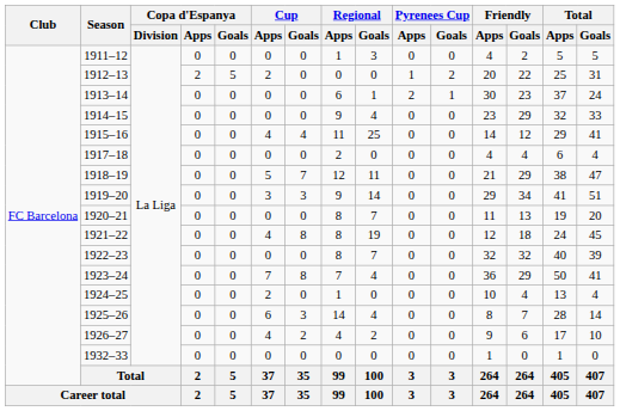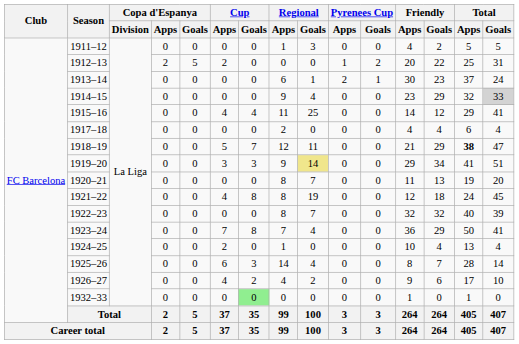 <table class="wikitable" style="text-align:center">
 <tr>
 <th rowspan="2">Club</th>
 <th rowspan="2">Season</th>
 <th colspan="3">Copa d'Espanya</th>
 <th colspan="2"><a href='#'>Cup</a></th>
 <th colspan="2"><a href='#'>Regional</a></th>
 <th colspan="2"><a href='#'>Pyrenees Cup</a></th>
 <th colspan="2">Friendly</th>
 <th colspan="2">Total</th>
 </tr>
 <tr>
 <th>Division</th>
 <th>Apps</th>
 <th>Goals</th>
 <th>Apps</th>
 <th>Goals</th>
 <th>Apps</th>
 <th>Goals</th>
 <th>Apps</th>
 <th>Goals</th>
 <th>Apps</th>
 <th>Goals</th>
 <th>Apps</th>
 <th>Goals</th>
 </tr>
 <tr>
 <td rowspan="17"><a href='#'>FC Barcelona</a></td>
 <td>1911–12</td>
 <td rowspan="16">La Liga</td>
 <td>0</td>
 <td>0</td>
 <td>0</td>
 <td>0</td>
 <td>1</td>
 <td>3</td>
 <td>0</td>
 <td>0</td>
 <td>4</td>
 <td>2</td>
 <td>5</td>
 <td>5</td>
 </tr>
 <tr>
 <td>1912–13</td>
 <td>2</td>
 <td>5</td>
 <td>2</td>
 <td>0</td>
 <td>0</td>
 <td>0</td>
 <td>1</td>
 <td>2</td>
 <td>20</td>
 <td>22</td>
 <td>25</td>
 <td>31</td>
 </tr>
 <tr>
 <td>1913–14</td>
 <td>0</td>
 <td>0</td>
 <td>0</td>
 <td>0</td>
 <td>6</td>
 <td>1</td>
 <td>2</td>
 <td>1</td>
 <td>30</td>
 <td>23</td>
 <td>37</td>
 <td>24</td>
 </tr>
 <tr>
 <td>1914–15</td>
 <td>0</td>
 <td>0</td>
 <td>0</td>
 <td>0</td>
 <td>9</td>
 <td>4</td>
 <td>0</td>
 <td>0</td>
 <td>23</td>
 <td>29</td>
 <td>32</td>
-<td>33</td>
+<td style="background: lightgrey;">33</td>
 </tr>
 <tr>
 <td>1915–16</td>
 <td>0</td>
 <td>0</td>
 <td>4</td>
 <td>4</td>
 <td>11</td>
 <td>25</td>
 <td>0</td>
 <td>0</td>
 <td>14</td>
 <td>12</td>
 <td>29</td>
 <td>41</td>
 </tr>
 <tr>
 <td>1917–18</td>
 <td>0</td>
 <td>0</td>
 <td>0</td>
 <td>0</td>
 <td>2</td>
 <td>0</td>
 <td>0</td>
 <td>0</td>
 <td>4</td>
 <td>4</td>
 <td>6</td>
 <td>4</td>
 </tr>
 <tr>
 <td>1918–19</td>
 <td>0</td>
 <td>0</td>
 <td>5</td>
 <td>7</td>
 <td>12</td>
 <td>11</td>
 <td>0</td>
 <td>0</td>
 <td>21</td>
 <td>29</td>
-<td>38</td>
+<td><strong>38</strong></td>
 <td>47</td>
 </tr>
 <tr>
 <td>1919–20</td>
 <td>0</td>
 <td>0</td>
 <td>3</td>
 <td>3</td>
 <td>9</td>
-<td>14</td>
+<td style="background: khaki;">14</td>
 <td>0</td>
 <td>0</td>
 <td>29</td>
 <td>34</td>
 <td>41</td>
 <td>51</td>
 </tr>
 <tr>
 <td>1920–21</td>
 <td>0</td>
 <td>0</td>
 <td>0</td>
 <td>0</td>
 <td>8</td>
 <td>7</td>
 <td>0</td>
 <td>0</td>
 <td>11</td>
 <td>13</td>
 <td>19</td>
 <td>20</td>
 </tr>
 <tr>
 <td>1921–22</td>
 <td>0</td>
 <td>0</td>
 <td>4</td>
 <td>8</td>
 <td>8</td>
 <td>19</td>
 <td>0</td>
 <td>0</td>
 <td>12</td>
 <td>18</td>
 <td>24</td>
 <td>45</td>
 </tr>
 <tr>
 <td>1922–23</td>
 <td>0</td>
 <td>0</td>
 <td>0</td>
 <td>0</td>
 <td>8</td>
 <td>7</td>
 <td>0</td>
 <td>0</td>
 <td>32</td>
 <td>32</td>
 <td>40</td>
 <td>39</td>
 </tr>
 <tr>
 <td>1923–24</td>
 <td>0</td>
 <td>0</td>
 <td>7</td>
 <td>8</td>
 <td>7</td>
 <td>4</td>
 <td>0</td>
 <td>0</td>
 <td>36</td>
 <td>29</td>
 <td>50</td>
 <td>41</td>
 </tr>
 <tr>
 <td>1924–25</td>
 <td>0</td>
 <td>0</td>
 <td>2</td>
 <td>0</td>
 <td>1</td>
 <td>0</td>
 <td>0</td>
 <td>0</td>
 <td>10</td>
 <td>4</td>
 <td>13</td>
 <td>4</td>
 </tr>
 <tr>
 <td>1925–26</td>
 <td>0</td>
 <td>0</td>
 <td>6</td>
 <td>3</td>
 <td>14</td>
 <td>4</td>
 <td>0</td>
 <td>0</td>
 <td>8</td>
 <td>7</td>
 <td>28</td>
 <td>14</td>
 </tr>
 <tr>
 <td>1926–27</td>
 <td>0</td>
 <td>0</td>
 <td>4</td>
 <td>2</td>
 <td>4</td>
 <td>2</td>
 <td>0</td>
 <td>0</td>
 <td>9</td>
 <td>6</td>
 <td>17</td>
 <td>10</td>
 </tr>
 <tr>
 <td>1932–33</td>
 <td>0</td>
 <td>0</td>
 <td>0</td>
-<td>0</td>
+<td style="background: lightgreen;">0</td>
 <td>0</td>
 <td>0</td>
 <td>0</td>
 <td>0</td>
 <td>1</td>
 <td>0</td>
 <td>1</td>
 <td>0</td>
 </tr>
 <tr>
 <th colspan="2">Total</th>
 <th>2</th>
 <th>5</th>
 <th>37</th>
 <th>35</th>
 <th>99</th>
 <th>100</th>
 <th>3</th>
 <th>3</th>
 <th>264</th>
 <th>264</th>
 <th>405</th>
 <th>407</th>
 </tr>
 <tr>
 <th colspan="3">Career total</th>
 <th>2</th>
 <th>5</th>
 <th>37</th>
 <th>35</th>
 <th>99</th>
 <th>100</th>
 <th>3</th>
 <th>3</th>
 <th>264</th>
 <th>264</th>
 <th>405</th>
 <th>407</th>
 </tr>
 </table>
